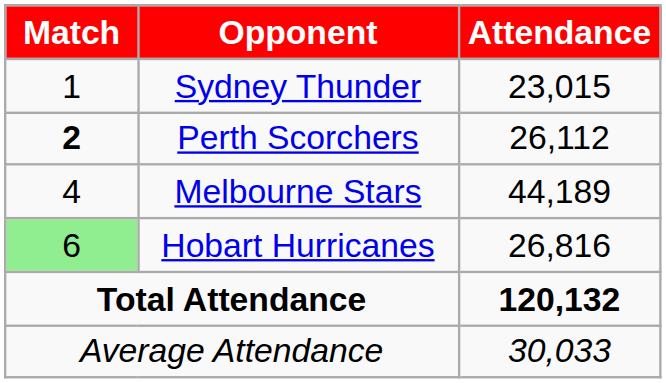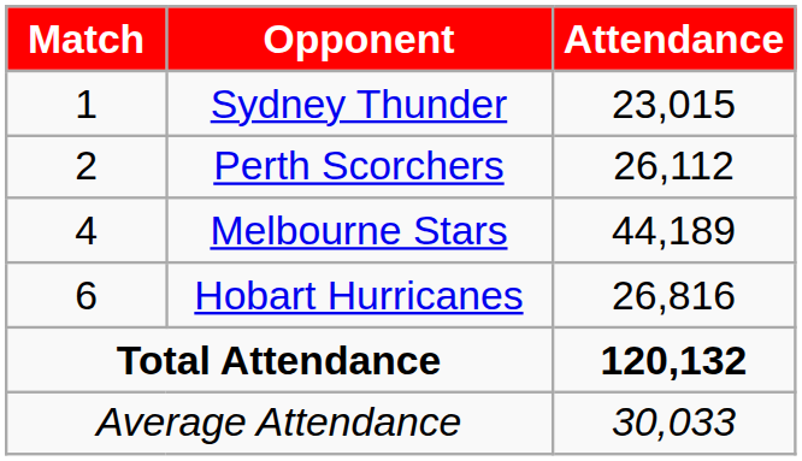 <table class="wikitable" style="text-align:center; font-size:90%">
 <tr>
 <th style="width:50px; background:red; color:white; text-align:center;">Match</th>
 <th style="width:130px; background:red; color:white; text-align:center;" class="unsortable">Opponent</th>
 <th style="width:80px; background:red; color:white; text-align:center;">Attendance</th>
 </tr>
 <tr>
 <td>1</td>
 <td><a href='#'>Sydney Thunder</a></td>
 <td>23,015</td>
 </tr>
 <tr>
-<td><strong>2</strong></td>
+<td>2</td>
 <td><a href='#'>Perth Scorchers</a></td>
 <td>26,112</td>
 </tr>
 <tr>
 <td>4</td>
 <td><a href='#'>Melbourne Stars</a></td>
 <td>44,189</td>
 </tr>
 <tr>
-<td style="background: lightgreen;">6</td>
+<td>6</td>
 <td><a href='#'>Hobart Hurricanes</a></td>
 <td>26,816</td>
 </tr>
 <tr class="sortbottom">
 <td colspan="2"><strong>Total Attendance</strong></td>
 <td><strong>120,132</strong></td>
 </tr>
 <tr class="sortbottom">
 <td colspan="2"><em>Average Attendance</em></td>
 <td><em>30,033</em></td>
 </tr>
 </table>
